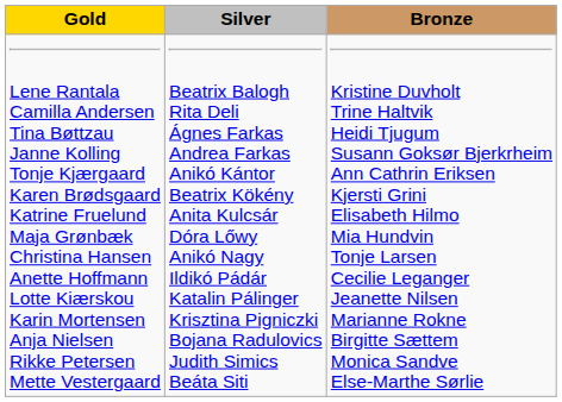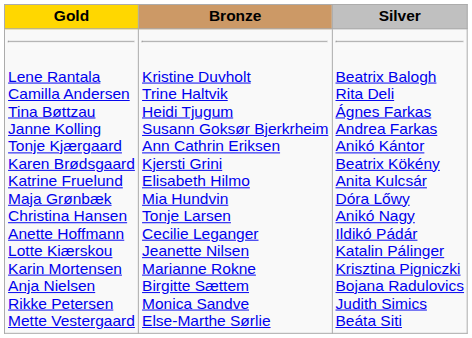 <table class="wikitable">
 <tr align="center">
 <td bgcolor="gold"><strong>Gold</strong></td>
+<td bgcolor="CC9966"><strong>Bronze</strong></td>
 <td bgcolor="silver"><strong>Silver</strong></td>
-<td bgcolor="CC9966"><strong>Bronze</strong></td>
 </tr>
 <tr>
 <td><hr><br><a href='#'>Lene Rantala</a><br><a href='#'>Camilla Andersen</a><br><a href='#'>Tina Bøttzau</a><br><a href='#'>Janne Kolling</a><br><a href='#'>Tonje Kjærgaard</a><br><a href='#'>Karen Brødsgaard</a><br><a href='#'>Katrine Fruelund</a><br><a href='#'>Maja Grønbæk</a><br><a href='#'>Christina Hansen</a><br><a href='#'>Anette Hoffmann</a><br><a href='#'>Lotte Kiærskou</a><br><a href='#'>Karin Mortensen</a> <br><a href='#'>Anja Nielsen</a><br><a href='#'>Rikke Petersen</a><br><a href='#'>Mette Vestergaard</a><br></td>
+<td><hr><br><a href='#'>Kristine Duvholt</a><br><a href='#'>Trine Haltvik</a><br><a href='#'>Heidi Tjugum</a><br><a href='#'>Susann Goksør Bjerkrheim</a><br><a href='#'>Ann Cathrin Eriksen</a><br><a href='#'>Kjersti Grini</a><br><a href='#'>Elisabeth Hilmo</a><br><a href='#'>Mia Hundvin</a><br><a href='#'>Tonje Larsen</a><br><a href='#'>Cecilie Leganger</a><br><a href='#'>Jeanette Nilsen</a><br><a href='#'>Marianne Rokne</a><br><a href='#'>Birgitte Sættem</a><br><a href='#'>Monica Sandve</a><br><a href='#'>Else-Marthe Sørlie</a><br></td>
 <td><hr><br><a href='#'>Beatrix Balogh</a><br><a href='#'>Rita Deli</a><br><a href='#'>Ágnes Farkas</a><br><a href='#'>Andrea Farkas</a><br><a href='#'>Anikó Kántor</a><br><a href='#'>Beatrix Kökény</a><br><a href='#'>Anita Kulcsár</a><br><a href='#'>Dóra Lőwy</a><br><a href='#'>Anikó Nagy</a><br><a href='#'>Ildikó Pádár</a><br><a href='#'>Katalin Pálinger</a><br><a href='#'>Krisztina Pigniczki</a><br><a href='#'>Bojana Radulovics</a><br><a href='#'>Judith Simics</a><br><a href='#'>Beáta Siti</a><br></td>
-<td><hr><br><a href='#'>Kristine Duvholt</a><br><a href='#'>Trine Haltvik</a><br><a href='#'>Heidi Tjugum</a><br><a href='#'>Susann Goksør Bjerkrheim</a><br><a href='#'>Ann Cathrin Eriksen</a><br><a href='#'>Kjersti Grini</a><br><a href='#'>Elisabeth Hilmo</a><br><a href='#'>Mia Hundvin</a><br><a href='#'>Tonje Larsen</a><br><a href='#'>Cecilie Leganger</a><br><a href='#'>Jeanette Nilsen</a><br><a href='#'>Marianne Rokne</a><br><a href='#'>Birgitte Sættem</a><br><a href='#'>Monica Sandve</a><br><a href='#'>Else-Marthe Sørlie</a><br></td>
 </tr>
 </table>
